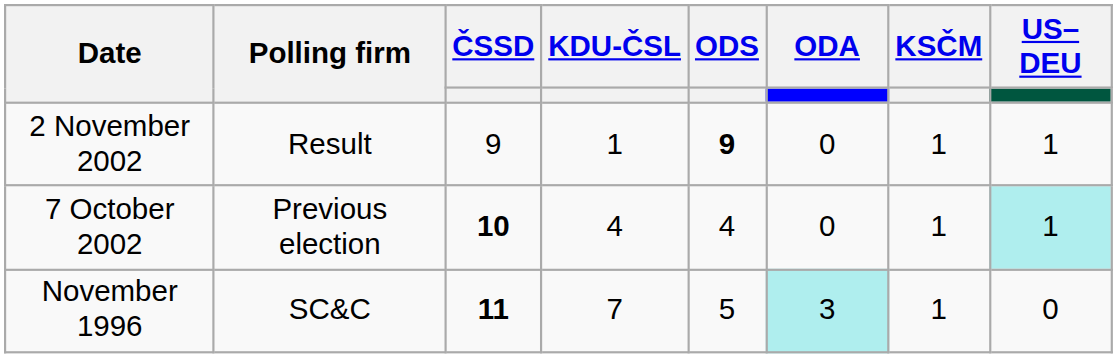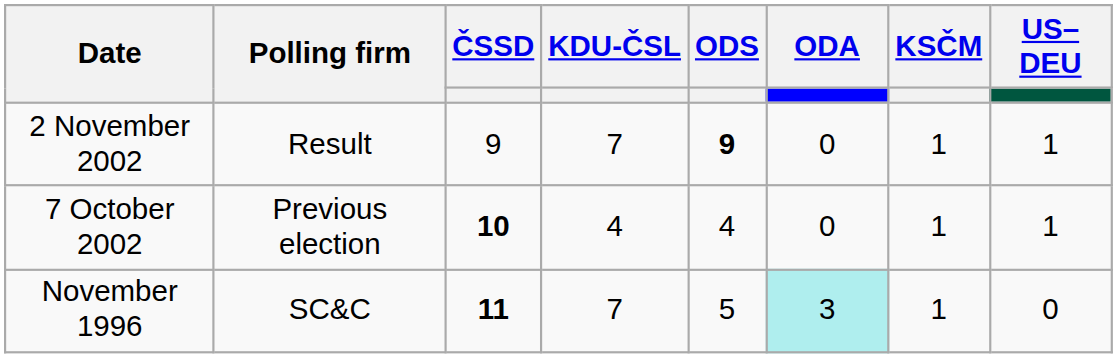 <table class=wikitable style="text-align:center; font-size:85%; line-height:16px;">
 <tr style="background-color:#E9E9E9">
 <th style="width:90px;" rowspan="2">Date</th>
 <th style="width:100px;" rowspan="2">Polling firm</th>
 <th><a href='#'><span>ČSSD</span></a></th>
 <th><a href='#'><span>KDU-ČSL</span></a></th>
 <th><a href='#'><span>ODS</span></a></th>
 <th><a href='#'><span>ODA</span></a></th>
 <th><a href='#'><span>KSČM</span></a></th>
 <th><a href='#'><span>US–DEU</span></a></th>
 </tr>
 <tr>
 <th style="background:"></th>
 <th style="background:"></th>
 <th style="background:"></th>
 <th style="background:#0000FF; width:50px;"></th>
 <th style="background:"></th>
 <th style="background:#00563F; width:50px;"></th>
 </tr>
 <tr>
 <td>2 November 2002</td>
 <td>Result</td>
 <td>9</td>
-<td>1</td>
+<td>7</td>
 <td><strong>9</strong></td>
 <td>0</td>
 <td>1</td>
 <td>1</td>
 </tr>
 <tr>
 <td>7 October 2002</td>
 <td>Previous election</td>
 <td><strong>10</strong></td>
 <td>4</td>
 <td>4</td>
 <td>0</td>
 <td>1</td>
-<td style="background: paleturquoise;">1</td>
+<td>1</td>
 </tr>
 <tr>
 <td>November 1996</td>
 <td>SC&C</td>
 <td><strong>11</strong></td>
 <td>7</td>
 <td>5</td>
 <td style="background: paleturquoise;">3</td>
 <td>1</td>
 <td>0</td>
 </tr>
 </table>
